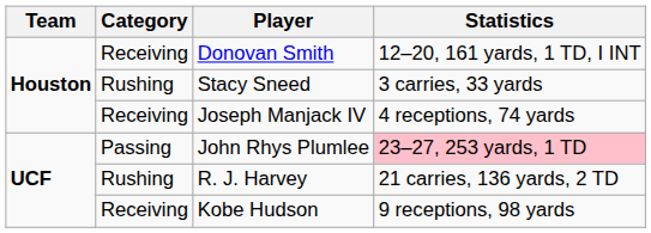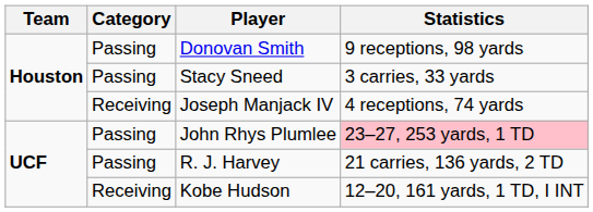 <table class="wikitable" style="float: right;">
 <tr>
 <th>Team</th>
 <th>Category</th>
 <th>Player</th>
 <th>Statistics</th>
 </tr>
 <tr>
 <td rowspan=3><strong>Houston</strong></td>
-<td>Receiving</td>
+<td>Passing</td>
 <td><a href='#'>Donovan Smith</a></td>
-<td>12–20, 161 yards, 1 TD, I INT</td>
+<td>9 receptions, 98 yards</td>
 </tr>
 <tr>
-<td>Rushing</td>
+<td>Passing</td>
 <td>Stacy Sneed</td>
 <td>3 carries, 33 yards</td>
 </tr>
 <tr>
 <td>Receiving</td>
 <td>Joseph Manjack IV</td>
 <td>4 receptions, 74 yards</td>
 </tr>
 <tr>
 <td rowspan=3><strong>UCF</strong></td>
 <td>Passing</td>
 <td>John Rhys Plumlee</td>
 <td style="background: pink;">23–27, 253 yards, 1 TD</td>
 </tr>
 <tr>
-<td>Rushing</td>
+<td>Passing</td>
 <td>R. J. Harvey</td>
 <td>21 carries, 136 yards, 2 TD</td>
 </tr>
 <tr>
 <td>Receiving</td>
 <td>Kobe Hudson</td>
-<td>9 receptions, 98 yards</td>
+<td>12–20, 161 yards, 1 TD, I INT</td>
 </tr>
 </table>
